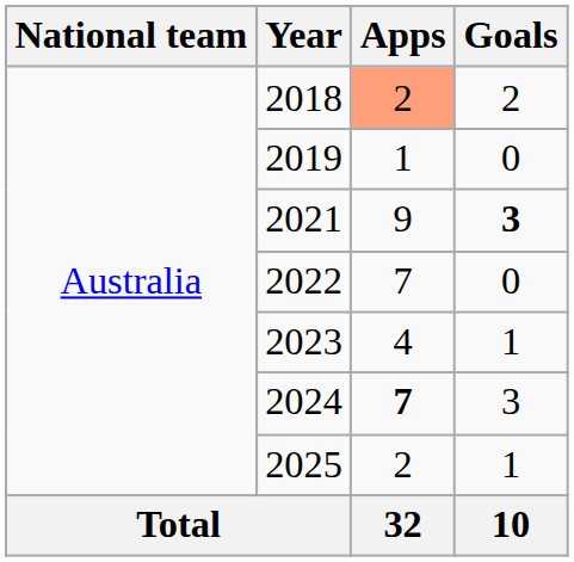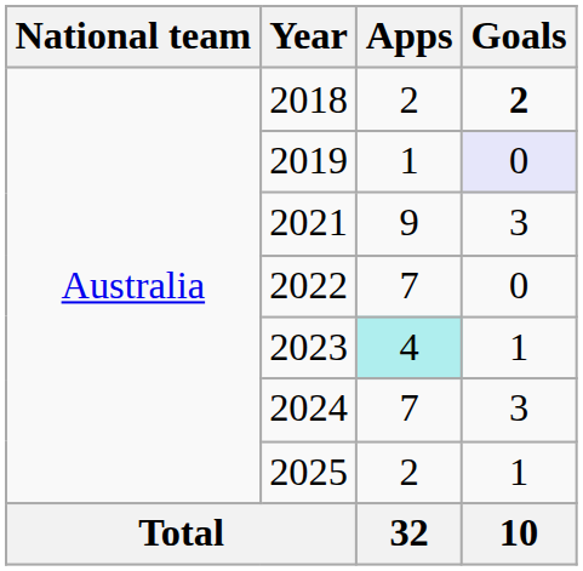 <table class="wikitable" style="text-align:center">
 <tr>
 <th>National team</th>
 <th>Year</th>
 <th>Apps</th>
 <th>Goals</th>
 </tr>
 <tr>
 <td rowspan="7"><a href='#'>Australia</a></td>
 <td>2018</td>
-<td style="background: lightsalmon;">2</td>
 <td>2</td>
+<td><strong>2</strong></td>
 </tr>
 <tr>
 <td>2019</td>
 <td>1</td>
-<td>0</td>
+<td style="background: lavender;">0</td>
 </tr>
 <tr>
 <td>2021</td>
 <td>9</td>
-<td><strong>3</strong></td>
+<td>3</td>
 </tr>
 <tr>
 <td>2022</td>
 <td>7</td>
 <td>0</td>
 </tr>
 <tr>
 <td>2023</td>
-<td>4</td>
+<td style="background: paleturquoise;">4</td>
 <td>1</td>
 </tr>
 <tr>
 <td>2024</td>
-<td><strong>7</strong></td>
+<td>7</td>
 <td>3</td>
 </tr>
 <tr>
 <td>2025</td>
 <td>2</td>
 <td>1</td>
 </tr>
 <tr>
 <th colspan="2">Total</th>
 <th>32</th>
 <th>10</th>
 </tr>
 </table>
